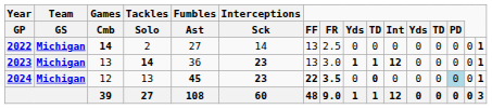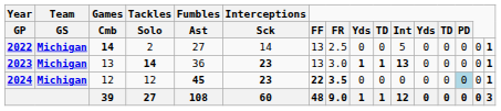 <table class= "wikitable" style="text-align:center;">
 <tr>
 <th>Year</th>
 <th>Team</th>
 <th>Games</th>
 <th>Tackles</th>
 <th>Fumbles</th>
 <th>Interceptions</th>
 </tr>
 <tr>
 <th>GP</th>
 <th>GS</th>
 <th>Cmb</th>
 <th>Solo</th>
 <th>Ast</th>
 <th>Sck</th>
 <th>FF</th>
 <th>FR</th>
 <th>Yds</th>
 <th>TD</th>
 <th>Int</th>
 <th>Yds</th>
 <th>TD</th>
 <th>PD</th>
 </tr>
 <tr>
 <th><a href='#'>2022</a></th>
 <th><a href='#'>Michigan</a></th>
 <td><strong>14</strong></td>
 <td>2</td>
 <td>27</td>
 <td>14</td>
 <td>13</td>
 <td>2.5</td>
 <td>0</td>
 <td>0</td>
-<td>0</td>
+<td>5</td>
 <td>0</td>
 <td>0</td>
 <td>0</td>
 <td>0</td>
 <td><strong>1</strong></td>
 </tr>
 <tr>
 <th><a href='#'>2023</a></th>
 <th><a href='#'>Michigan</a></th>
 <td>13</td>
 <td><strong>14</strong></td>
 <td>36</td>
 <td><strong>23</strong></td>
 <td>13</td>
 <td>3.0</td>
 <td><strong>1</strong></td>
 <td><strong>1</strong></td>
-<td><strong>12</strong></td>
+<td><strong>13</strong></td>
 <td>0</td>
 <td>0</td>
 <td>0</td>
 <td>0</td>
 <td><strong>1</strong></td>
 </tr>
 <tr>
 <th><a href='#'>2024</a></th>
 <th><a href='#'>Michigan</a></th>
 <td>12</td>
-<td>13</td>
+<td>12</td>
 <td><strong>45</strong></td>
 <td><strong>23</strong></td>
 <td><strong>22</strong></td>
 <td><strong>3.5</strong></td>
 <td>0</td>
-<td><strong>0</strong></td>
+<td>0</td>
 <td>0</td>
 <td>0</td>
 <td>0</td>
 <td style="background: lightblue;">0</td>
 <td>0</td>
 <td><strong>1</strong></td>
 </tr>
 <tr>
 <th colspan="2"></th>
 <th>39</th>
 <th>27</th>
 <th>108</th>
 <th>60</th>
 <th>48</th>
 <th>9.0</th>
 <th>1</th>
 <th>1</th>
 <th>12</th>
 <th>0</th>
 <th>0</th>
 <th>0</th>
 <th>0</th>
 <th>3</th>
 </tr>
 </table>
